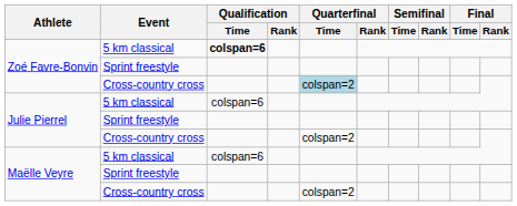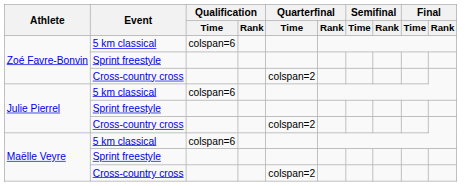 <table class="wikitable" style="font-size:90%; text-align:center;">
 <tr>
 <th rowspan=2>Athlete</th>
 <th rowspan=2>Event</th>
 <th colspan=2>Qualification</th>
 <th colspan=2>Quarterfinal</th>
 <th colspan=2>Semifinal</th>
 <th colspan=2>Final</th>
 </tr>
 <tr style="font-size:95%">
 <th>Time</th>
 <th>Rank</th>
 <th>Time</th>
 <th>Rank</th>
 <th>Time</th>
 <th>Rank</th>
 <th>Time</th>
 <th>Rank</th>
 </tr>
 <tr>
 <td align=left rowspan=3><a href='#'>Zoé Favre-Bonvin</a></td>
 <td align=left><a href='#'>5 km classical</a></td>
-<td><strong>colspan=6 </strong></td>
+<td>colspan=6 </td>
 <td></td>
 <td></td>
 </tr>
 <tr>
 <td align=left><a href='#'>Sprint freestyle</a></td>
 <td></td>
 <td></td>
 <td></td>
 <td></td>
 <td></td>
 <td></td>
 <td></td>
 <td></td>
 </tr>
 <tr>
 <td align=left><a href='#'>Cross-country cross</a></td>
 <td></td>
 <td></td>
-<td style="background: lightblue;">colspan=2 </td>
+<td>colspan=2 </td>
 <td></td>
 <td></td>
 <td></td>
 <td></td>
 </tr>
 <tr>
 <td align=left rowspan=3><a href='#'>Julie Pierrel</a></td>
 <td align=left><a href='#'>5 km classical</a></td>
 <td>colspan=6 </td>
 <td></td>
 <td></td>
 </tr>
 <tr>
 <td align=left><a href='#'>Sprint freestyle</a></td>
 <td></td>
 <td></td>
 <td></td>
 <td></td>
 <td></td>
 <td></td>
 <td></td>
 <td></td>
 </tr>
 <tr>
 <td align=left><a href='#'>Cross-country cross</a></td>
 <td></td>
 <td></td>
 <td>colspan=2 </td>
 <td></td>
 <td></td>
 <td></td>
 <td></td>
 </tr>
 <tr>
 <td align=left rowspan=3><a href='#'>Maëlle Veyre</a></td>
 <td align=left><a href='#'>5 km classical</a></td>
 <td>colspan=6 </td>
 <td></td>
 <td></td>
 </tr>
 <tr>
 <td align=left><a href='#'>Sprint freestyle</a></td>
 <td></td>
 <td></td>
 <td></td>
 <td></td>
 <td></td>
 <td></td>
 <td></td>
 <td></td>
 </tr>
 <tr>
 <td align=left><a href='#'>Cross-country cross</a></td>
 <td></td>
 <td></td>
 <td>colspan=2 </td>
 <td></td>
 <td></td>
 <td></td>
 <td></td>
 </tr>
 </table>
